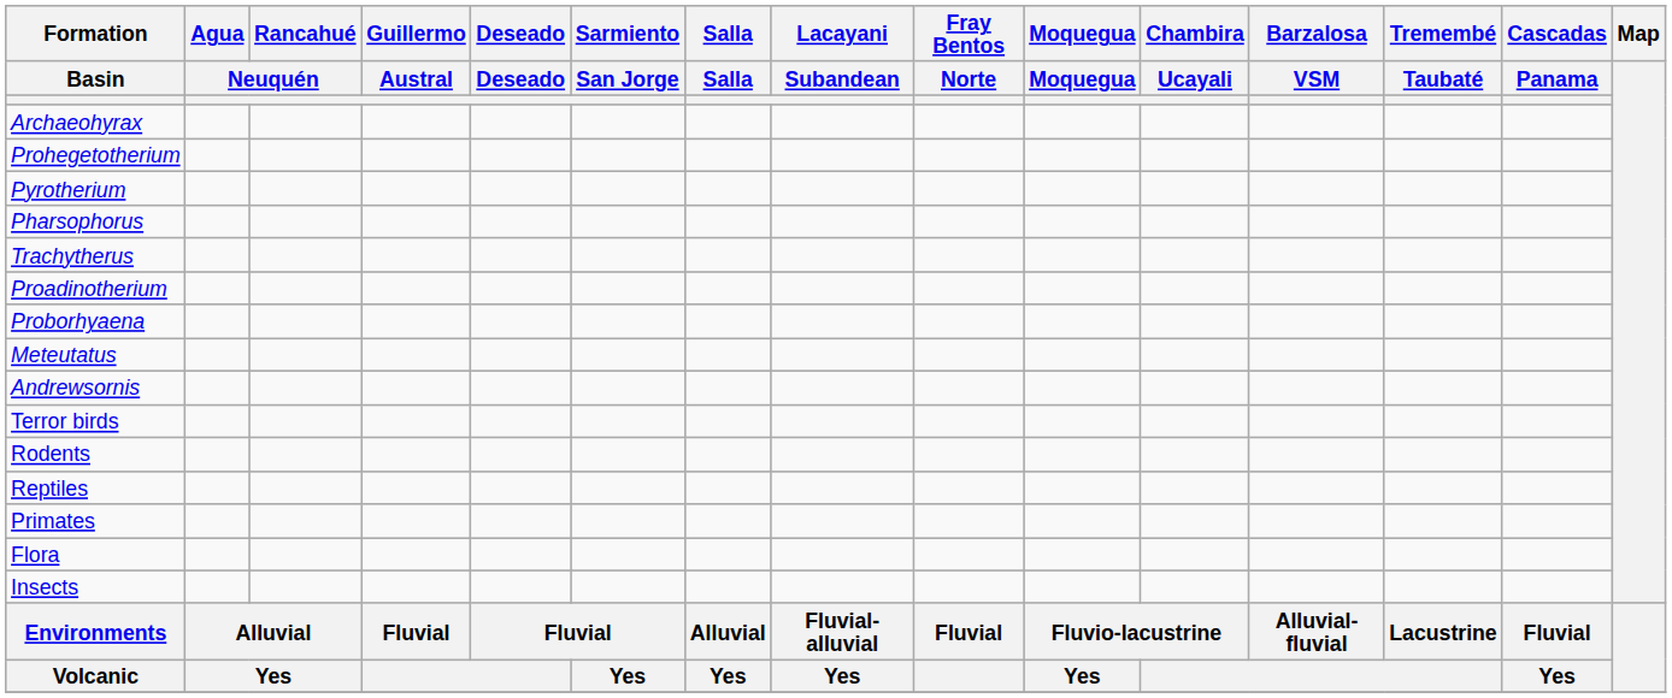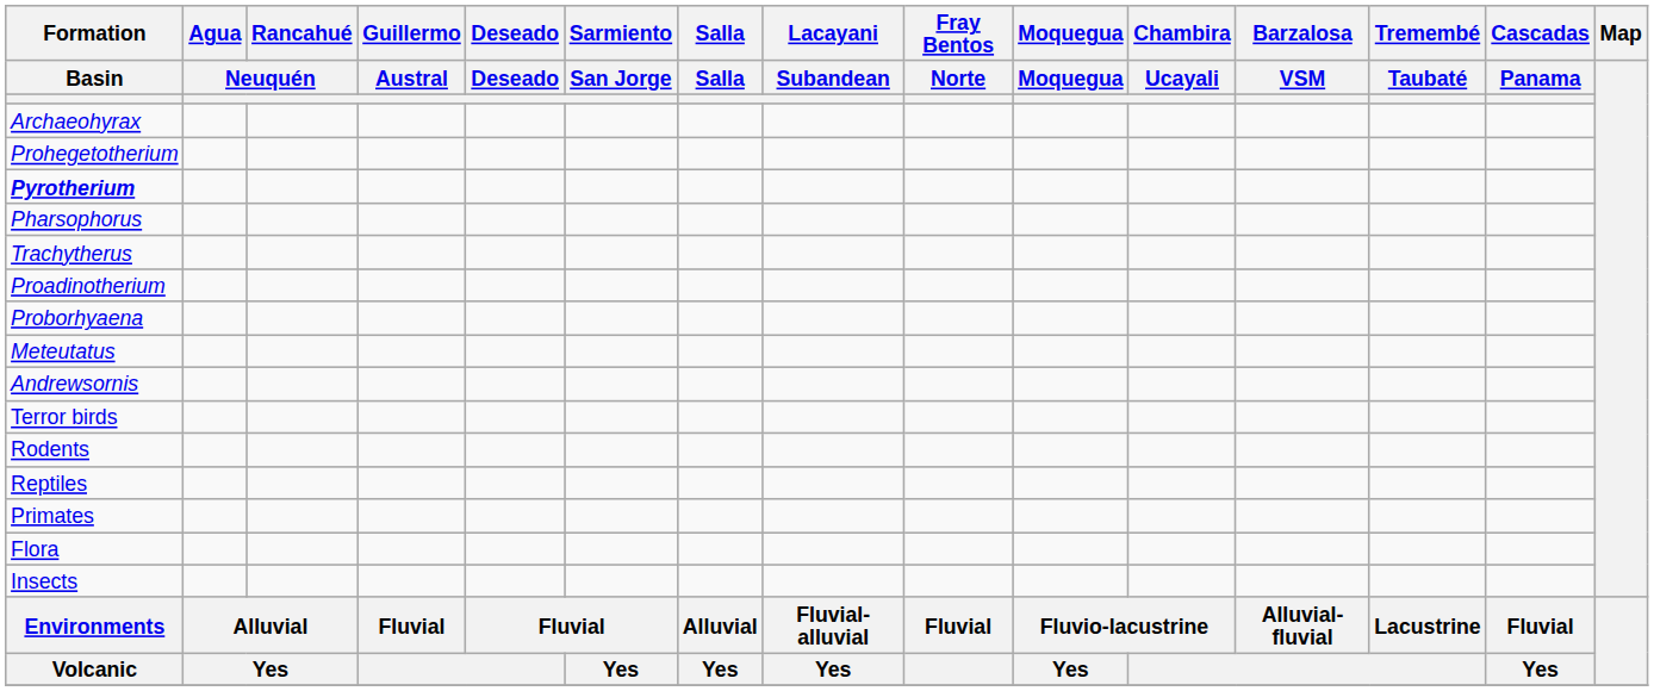 <table class="wikitable" style="font-size: 70%">
 <tr>
 <th>Formation</th>
 <th><a href='#'>Agua</a></th>
 <th><a href='#'>Rancahué</a></th>
 <th><a href='#'>Guillermo</a></th>
 <th><a href='#'>Deseado</a></th>
 <th><a href='#'>Sarmiento</a></th>
 <th><a href='#'>Salla</a></th>
 <th><a href='#'>Lacayani</a></th>
 <th><a href='#'>Fray Bentos</a></th>
 <th><a href='#'>Moquegua</a></th>
 <th><a href='#'>Chambira</a></th>
 <th><a href='#'>Barzalosa</a></th>
 <th><a href='#'>Tremembé</a></th>
 <th><a href='#'>Cascadas</a></th>
 <th>Map</th>
 </tr>
 <tr>
 <th>Basin</th>
 <th colspan=2><a href='#'>Neuquén</a></th>
 <th><a href='#'>Austral</a></th>
 <th><a href='#'>Deseado</a></th>
 <th><a href='#'>San Jorge</a></th>
 <th><a href='#'>Salla</a></th>
 <th><a href='#'>Subandean</a></th>
 <th><a href='#'>Norte</a></th>
 <th><a href='#'>Moquegua</a></th>
 <th><a href='#'>Ucayali</a></th>
 <th><a href='#'>VSM</a></th>
 <th><a href='#'>Taubaté</a></th>
 <th><a href='#'>Panama</a></th>
 <th align=center rowspan=17></th>
 </tr>
 <tr>
 <th></th>
 <th colspan=5></th>
 <th colspan=2></th>
 <th></th>
 <th colspan=2></th>
 <th></th>
 <th></th>
 <th></th>
 </tr>
 <tr>
 <td><em><a href='#'>Archaeohyrax</a></em></td>
 <td align=center></td>
 <td align=center></td>
 <td align=center></td>
 <td align=center></td>
 <td align=center></td>
 <td align=center></td>
 <td align=center></td>
 <td align=center></td>
 <td align=center></td>
 <td align=center></td>
 <td align=center></td>
 <td></td>
 </tr>
 <tr>
 <td><em><a href='#'>Prohegetotherium</a></em></td>
 <td align=center></td>
 <td align=center></td>
 <td align=center></td>
 <td align=center></td>
 <td align=center></td>
 <td align=center></td>
 <td align=center></td>
 <td align=center></td>
 <td align=center></td>
 <td align=center></td>
 <td align=center></td>
 <td align=center></td>
 <td></td>
 </tr>
 <tr>
-<td><em><a href='#'>Pyrotherium</a></em></td>
+<td><strong><em><a href='#'>Pyrotherium</a></em></strong></td>
 <td align=center></td>
 <td align=center></td>
 <td align=center></td>
 <td align=center></td>
 <td align=center></td>
 <td align=center></td>
 <td align=center></td>
 <td align=center></td>
 <td align=center></td>
 <td align=center></td>
 <td align=center></td>
 <td align=center></td>
 <td></td>
 </tr>
 <tr>
 <td><em><a href='#'>Pharsophorus</a></em></td>
 <td align=center></td>
 <td align=center></td>
 <td align=center></td>
 <td align=center></td>
 <td align=center></td>
 <td align=center></td>
 <td align=center></td>
 <td align=center></td>
 <td align=center></td>
 <td align=center></td>
 <td align=center></td>
 <td align=center></td>
 <td></td>
 </tr>
 <tr>
 <td><em><a href='#'>Trachytherus</a></em></td>
 <td align=center></td>
 <td align=center></td>
 <td align=center></td>
 <td align=center></td>
 <td align=center></td>
 <td align=center></td>
 <td align=center></td>
 <td align=center></td>
 <td align=center></td>
 <td align=center></td>
 <td align=center></td>
 <td></td>
 </tr>
 <tr>
 <td><em><a href='#'>Proadinotherium</a></em></td>
 <td align=center></td>
 <td align=center></td>
 <td align=center></td>
 <td align=center></td>
 <td align=center></td>
 <td align=center></td>
 <td align=center></td>
 <td align=center></td>
 <td align=center></td>
 <td align=center></td>
 <td align=center></td>
 <td align=center></td>
 <td></td>
 </tr>
 <tr>
 <td><em><a href='#'>Proborhyaena</a></em></td>
 <td align=center></td>
 <td align=center></td>
 <td align=center></td>
 <td align=center></td>
 <td align=center></td>
 <td align=center></td>
 <td align=center></td>
 <td align=center></td>
 <td align=center></td>
 <td align=center></td>
 <td align=center></td>
 <td align=center></td>
 <td></td>
 </tr>
 <tr>
 <td><em><a href='#'>Meteutatus</a></em></td>
 <td align=center></td>
 <td align=center></td>
 <td align=center></td>
 <td align=center></td>
 <td align=center></td>
 <td align=center></td>
 <td align=center></td>
 <td align=center></td>
 <td align=center></td>
 <td align=center></td>
 <td align=center></td>
 <td align=center></td>
 <td></td>
 </tr>
 <tr>
 <td><em><a href='#'>Andrewsornis</a></em></td>
 <td align=center></td>
 <td align=center></td>
 <td align=center></td>
 <td align=center></td>
 <td align=center></td>
 <td align=center></td>
 <td align=center></td>
 <td align=center></td>
 <td align=center></td>
 <td align=center></td>
 <td align=center></td>
 <td align=center></td>
 <td></td>
 </tr>
 <tr>
 <td><a href='#'>Terror birds</a></td>
 <td align=center></td>
 <td align=center></td>
 <td align=center></td>
 <td align=center></td>
 <td align=center></td>
 <td align=center></td>
 <td align=center></td>
 <td align=center></td>
 <td align=center></td>
 <td align=center></td>
 <td align=center></td>
 <td align=center></td>
 <td align=center></td>
 </tr>
 <tr>
 <td><a href='#'>Rodents</a></td>
 <td align=center></td>
 <td align=center></td>
 <td align=center></td>
 <td align=center></td>
 <td align=center></td>
 <td align=center></td>
 <td align=center></td>
 <td align=center></td>
 <td align=center></td>
 <td align=center></td>
 <td align=center></td>
 <td align=center></td>
 <td align=center></td>
 </tr>
 <tr>
 <td><a href='#'>Reptiles</a></td>
 <td align=center></td>
 <td align=center></td>
 <td align=center></td>
 <td align=center></td>
 <td align=center></td>
 <td align=center></td>
 <td align=center></td>
 <td align=center></td>
 <td align=center></td>
 <td align=center></td>
 <td align=center></td>
 <td align=center></td>
 <td align=center></td>
 </tr>
 <tr>
 <td><a href='#'>Primates</a></td>
 <td align=center></td>
 <td align=center></td>
 <td align=center></td>
 <td align=center></td>
 <td align=center></td>
 <td align=center></td>
 <td align=center></td>
 <td align=center></td>
 <td align=center></td>
 <td align=center></td>
 <td align=center></td>
 <td align=center></td>
 <td align=center></td>
 </tr>
 <tr>
 <td><a href='#'>Flora</a></td>
 <td align=center></td>
 <td align=center></td>
 <td align=center></td>
 <td align=center></td>
 <td align=center></td>
 <td align=center></td>
 <td align=center></td>
 <td align=center></td>
 <td align=center></td>
 <td align=center></td>
 <td align=center></td>
 <td align=center></td>
 <td align=center></td>
 </tr>
 <tr>
 <td><a href='#'>Insects</a></td>
 <td align=center></td>
 <td align=center></td>
 <td align=center></td>
 <td align=center></td>
 <td align=center></td>
 <td align=center></td>
 <td align=center></td>
 <td align=center></td>
 <td align=center></td>
 <td align=center></td>
 <td align=center></td>
 <td align=center></td>
 <td align=center></td>
 </tr>
 <tr>
 <th><a href='#'>Environments</a></th>
 <th colspan=2>Alluvial</th>
 <th>Fluvial</th>
 <th colspan=2>Fluvial</th>
 <th>Alluvial</th>
 <th>Fluvial-alluvial</th>
 <th>Fluvial</th>
 <th colspan=2>Fluvio-lacustrine</th>
 <th>Alluvial-fluvial</th>
 <th>Lacustrine</th>
 <th>Fluvial</th>
 <th rowspan=2 align=left><br><br></th>
 </tr>
 <tr>
 <th>Volcanic</th>
 <th colspan=2>Yes</th>
 <th colspan=2></th>
 <th>Yes</th>
 <th>Yes</th>
 <th>Yes</th>
 <th></th>
 <th>Yes</th>
 <th colspan=3></th>
 <th>Yes</th>
 </tr>
 <tr>
 </tr>
 </table>
